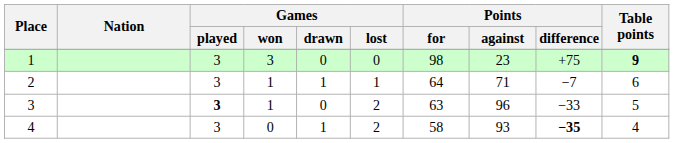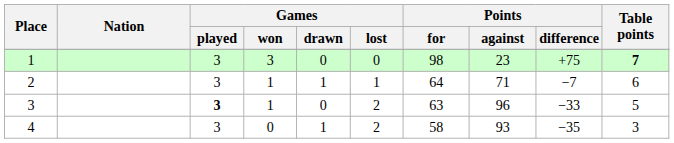 <table class="wikitable">
 <tr>
 <th rowspan=2 width="8%">Place</th>
 <th rowspan=2 width="20%">Nation</th>
 <th colspan=4 width="32%">Games</th>
 <th colspan=3 width="30%">Points</th>
 <th rowspan=2 width="10%">Table<br>points</th>
 </tr>
 <tr>
 <th width="8%">played</th>
 <th width="8%">won</th>
 <th width="8%">drawn</th>
 <th width="8%">lost</th>
 <th width="10%">for</th>
 <th width="10%">against</th>
 <th width="10%">difference</th>
 </tr>
 <tr>
 </tr>
 <tr bgcolor=#ccffcc align=center>
 <td>1</td>
 <td align=left><strong></strong></td>
 <td>3</td>
 <td>3</td>
 <td>0</td>
 <td>0</td>
 <td>98</td>
 <td>23</td>
 <td>+75</td>
-<td><strong>9</strong></td>
+<td><strong>7</strong></td>
 </tr>
 <tr bgcolor=#ffffff align=center>
 <td>2</td>
 <td align=left></td>
 <td>3</td>
 <td>1</td>
 <td>1</td>
 <td>1</td>
 <td>64</td>
 <td>71</td>
 <td>−7</td>
 <td>6</td>
 </tr>
 <tr bgcolor=#ffffff align=center>
 <td>3</td>
 <td align=left></td>
 <td><strong>3</strong></td>
 <td>1</td>
 <td>0</td>
 <td>2</td>
 <td>63</td>
 <td>96</td>
 <td>−33</td>
 <td>5</td>
 </tr>
 <tr bgcolor=#ffffff align=center>
 <td>4</td>
 <td align=left></td>
 <td>3</td>
 <td>0</td>
 <td>1</td>
 <td>2</td>
 <td>58</td>
 <td>93</td>
-<td><strong>−35</strong></td>
-<td>4</td>
+<td>−35</td>
+<td>3</td>
 </tr>
 </table>
